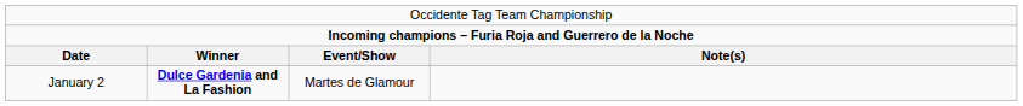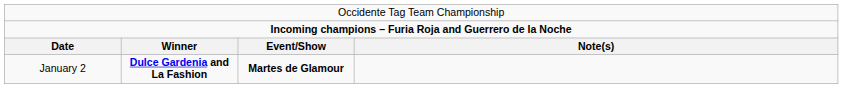 <table class="wikitable" style="text-align:center; width:100%;">
 <tr>
 <td colspan="4" style="text-align: center;">Occidente Tag Team Championship</td>
 </tr>
 <tr>
 <td colspan="4" style="text-align: center;"><strong>Incoming champions – Furia Roja and Guerrero de la Noche</strong></td>
 </tr>
 <tr>
 <th width=14%>Date</th>
 <th width=14%>Winner</th>
 <th width=14%>Event/Show</th>
 <th width=58%>Note(s)</th>
 </tr>
 <tr>
 <td>January 2</td>
 <td><strong><a href='#'>Dulce Gardenia</a> and La Fashion</strong></td>
-<td>Martes de Glamour</td>
+<td><strong>Martes de Glamour</strong></td>
 <td></td>
 </tr>
 </table>
